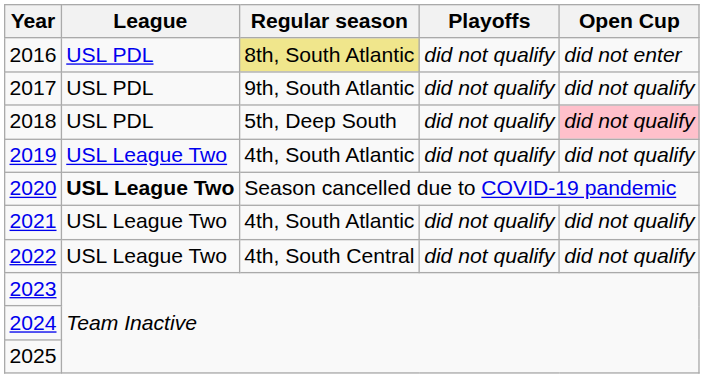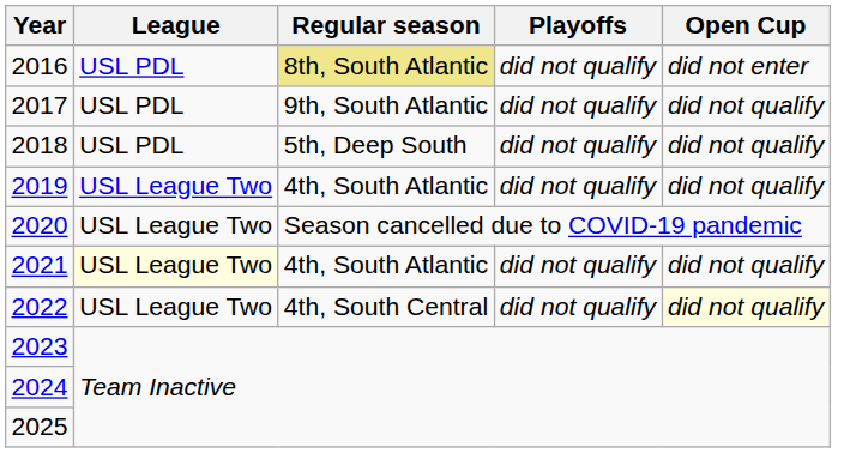 <table class="wikitable">
 <tr>
 <th>Year</th>
 <th>League</th>
 <th>Regular season</th>
 <th>Playoffs</th>
 <th>Open Cup</th>
 </tr>
 <tr>
 <td>2016</td>
 <td><a href='#'>USL PDL</a></td>
 <td style="background: khaki;">8th, South Atlantic</td>
 <td><em>did not qualify</em></td>
 <td><em>did not enter</em></td>
 </tr>
 <tr>
 <td>2017</td>
 <td>USL PDL</td>
 <td>9th, South Atlantic</td>
 <td><em>did not qualify</em></td>
 <td><em>did not qualify</em></td>
 </tr>
 <tr>
 <td>2018</td>
 <td>USL PDL</td>
 <td>5th, Deep South</td>
 <td><em>did not qualify</em></td>
-<td style="background: pink;"><em>did not qualify</em></td>
+<td><em>did not qualify</em></td>
 </tr>
 <tr>
 <td><a href='#'>2019</a></td>
 <td><a href='#'>USL League Two</a></td>
 <td>4th, South Atlantic</td>
 <td><em>did not qualify</em></td>
 <td><em>did not qualify</em></td>
 </tr>
 <tr>
 <td><a href='#'>2020</a></td>
-<td><strong>USL League Two</strong></td>
+<td>USL League Two</td>
 <td colspan="3">Season cancelled due to <a href='#'>COVID-19 pandemic</a></td>
 </tr>
 <tr>
 <td><a href='#'>2021</a></td>
-<td>USL League Two</td>
+<td style="background: lightyellow;">USL League Two</td>
 <td>4th, South Atlantic</td>
 <td><em>did not qualify</em></td>
 <td><em>did not qualify</em></td>
 </tr>
 <tr>
 <td><a href='#'>2022</a></td>
 <td>USL League Two</td>
 <td>4th, South Central</td>
 <td><em>did not qualify</em></td>
-<td><em>did not qualify</em></td>
+<td style="background: lightyellow;"><em>did not qualify</em></td>
 </tr>
 <tr>
 <td><a href='#'>2023</a></td>
 <td colspan="4" rowspan="3"><em>Team Inactive</em></td>
 </tr>
 <tr>
 <td><a href='#'>2024</a></td>
 </tr>
 <tr>
 <td>2025</td>
 </tr>
 </table>
